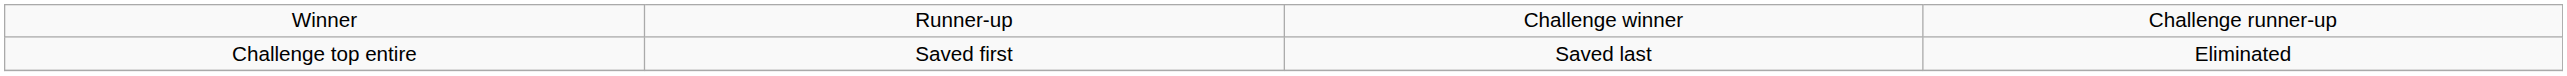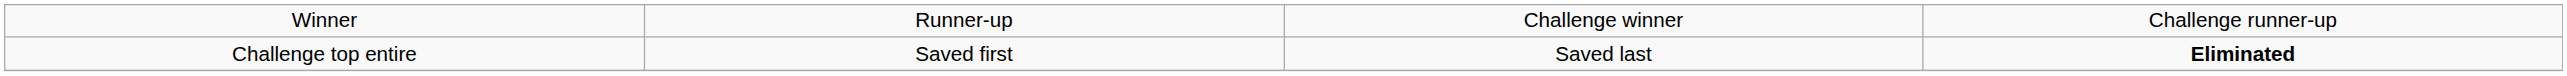 <table class="wikitable" style="text-align:center; width:100%; align="center">
 <tr>
 <td width=220> Winner</td>
 <td width=220> Runner-up</td>
 <td width=220> Challenge winner</td>
 <td width=220> Challenge runner-up</td>
 </tr>
 <tr>
 <td> Challenge top entire</td>
 <td> Saved first</td>
 <td> Saved last</td>
-<td> Eliminated</td>
+<td><strong> Eliminated</strong></td>
 </tr>
 <tr>
 </tr>
 </table>
